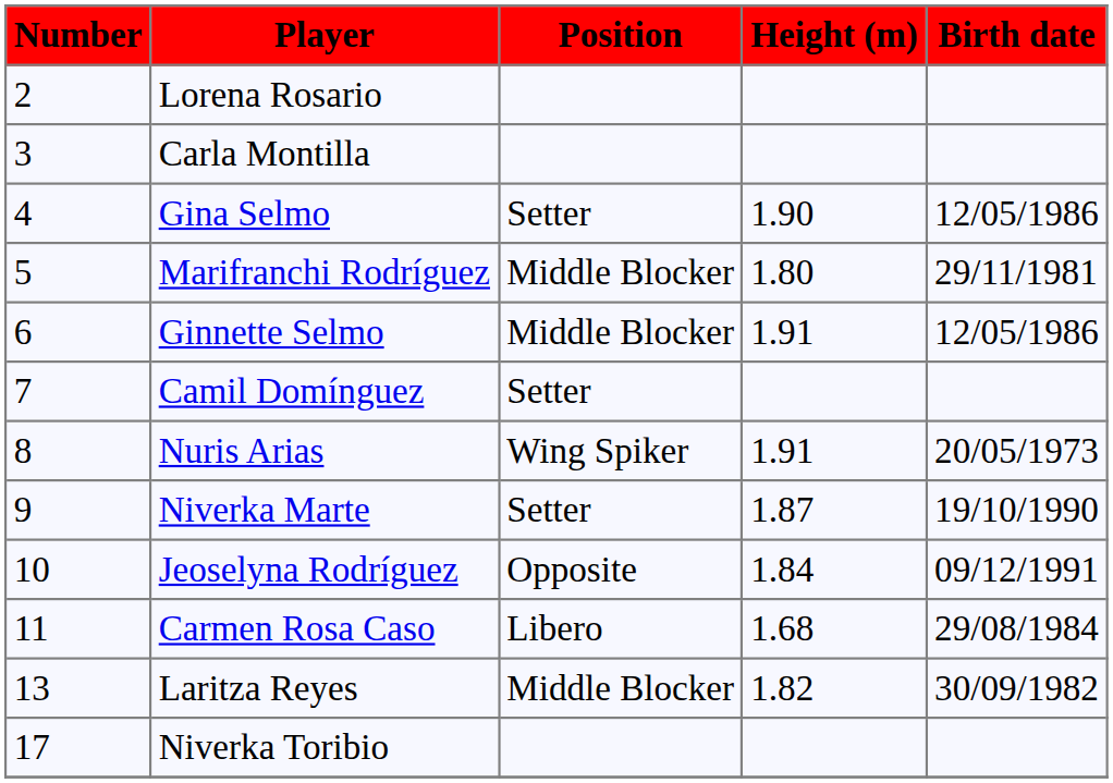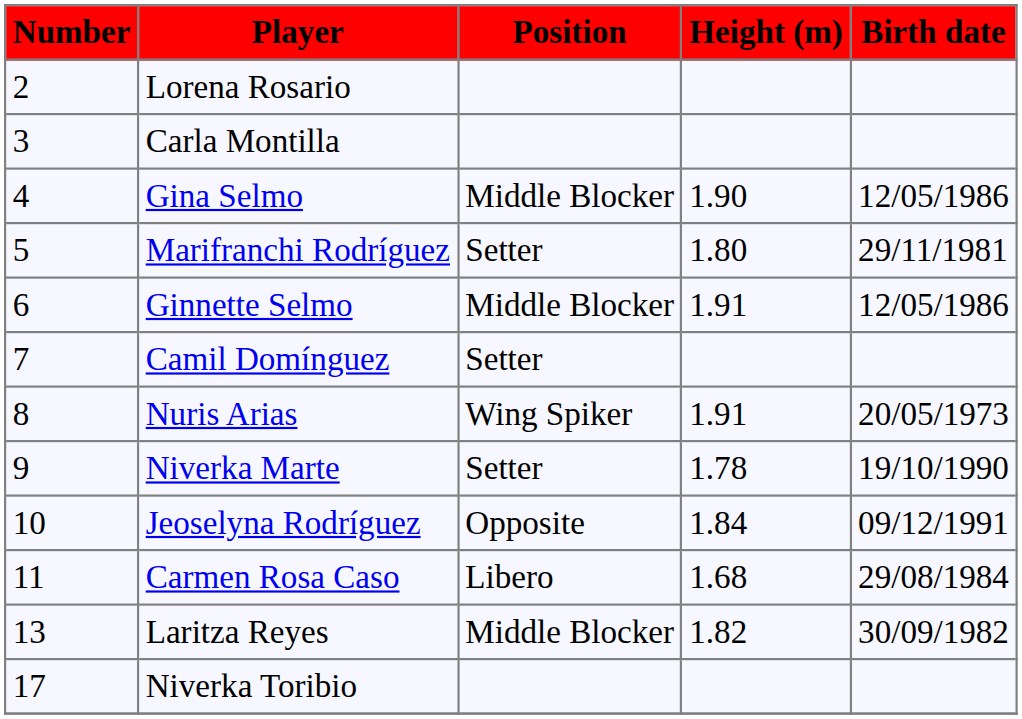 <table bgcolor="#f7f8ff" cellpadding="3" cellspacing="0" border="1" style="font-size: 95%; border: gray solid 1px; border-collapse: collapse;">
 <tr bgcolor="#ff0000">
 <td align=center><strong>Number</strong></td>
 <td align=center><strong>Player</strong></td>
 <td align=center><strong>Position</strong></td>
 <td align=center><strong>Height (m)</strong></td>
 <td align=center><strong>Birth date</strong></td>
 </tr>
 <tr align=left>
 <td>2</td>
 <td> Lorena Rosario</td>
 <td></td>
 <td></td>
 <td></td>
 </tr>
 <tr align="left">
 <td>3</td>
 <td> Carla Montilla</td>
 <td></td>
 <td></td>
 <td></td>
 </tr>
 <tr align="left">
 <td>4</td>
 <td> <a href='#'>Gina Selmo</a></td>
-<td>Setter</td>
+<td>Middle Blocker</td>
 <td>1.90</td>
 <td>12/05/1986</td>
 </tr>
 <tr align="left">
 <td>5</td>
 <td> <a href='#'>Marifranchi Rodríguez</a></td>
-<td>Middle Blocker</td>
+<td>Setter</td>
 <td>1.80</td>
 <td>29/11/1981</td>
 </tr>
 <tr align="left">
 <td>6</td>
 <td>  <a href='#'>Ginnette Selmo</a></td>
 <td>Middle Blocker</td>
 <td>1.91</td>
 <td>12/05/1986</td>
 </tr>
 <tr align="left">
 <td>7</td>
 <td> <a href='#'>Camil Domínguez</a></td>
 <td>Setter</td>
 <td></td>
 <td></td>
 </tr>
 <tr align="left">
 <td>8</td>
 <td> <a href='#'>Nuris Arias</a></td>
 <td>Wing Spiker</td>
 <td>1.91</td>
 <td>20/05/1973</td>
 </tr>
 <tr align="left">
 <td>9</td>
 <td> <a href='#'>Niverka Marte</a></td>
 <td>Setter</td>
-<td>1.87</td>
+<td>1.78</td>
 <td>19/10/1990</td>
 </tr>
 <tr align="left">
 <td>10</td>
 <td> <a href='#'>Jeoselyna Rodríguez</a></td>
 <td>Opposite</td>
 <td>1.84</td>
 <td>09/12/1991</td>
 </tr>
 <tr align="left">
 <td>11</td>
 <td> <a href='#'>Carmen Rosa Caso</a></td>
 <td>Libero</td>
 <td>1.68</td>
 <td>29/08/1984</td>
 </tr>
 <tr align="left">
 <td>13</td>
 <td> Laritza Reyes</td>
 <td>Middle Blocker</td>
 <td>1.82</td>
 <td>30/09/1982</td>
 </tr>
 <tr align="left">
 <td>17</td>
 <td> Niverka Toribio</td>
 <td></td>
 <td></td>
 <td></td>
 </tr>
 <tr align="left">
 </tr>
 </table>
